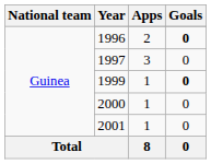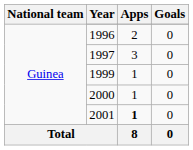 <table class="wikitable" style="text-align:center">
 <tr>
 <th>National team</th>
 <th>Year</th>
 <th>Apps</th>
 <th>Goals</th>
 </tr>
 <tr>
 <td rowspan=6><a href='#'>Guinea</a></td>
 </tr>
 <tr>
 <td>1996</td>
 <td>2</td>
-<td><strong>0</strong></td>
+<td>0</td>
 </tr>
 <tr>
 <td>1997</td>
 <td>3</td>
 <td>0</td>
 </tr>
 <tr>
 <td>1999</td>
 <td>1</td>
-<td><strong>0</strong></td>
+<td>0</td>
 </tr>
 <tr>
 <td>2000</td>
 <td>1</td>
 <td>0</td>
 </tr>
 <tr>
 <td>2001</td>
-<td>1</td>
+<td><strong>1</strong></td>
 <td>0</td>
 </tr>
 <tr>
 <th colspan=2>Total</th>
 <th>8</th>
 <th>0</th>
 </tr>
 </table>
